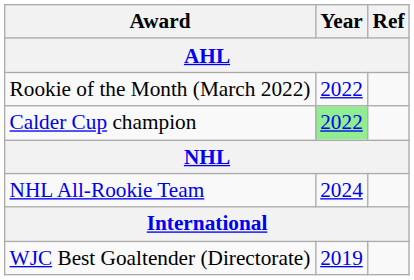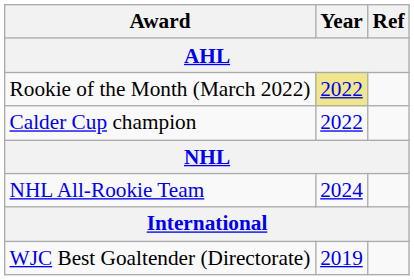 <table class="wikitable">
 <tr>
 <th>Award</th>
 <th>Year</th>
 <th>Ref</th>
 </tr>
 <tr>
 <th colspan="3"><a href='#'>AHL</a></th>
 </tr>
 <tr>
 <td>Rookie of the Month (March 2022)</td>
-<td><a href='#'>2022</a></td>
+<td style="background: khaki;"><a href='#'>2022</a></td>
 <td></td>
 </tr>
 <tr>
 <td><a href='#'>Calder Cup</a> champion</td>
-<td style="background: lightgreen;"><a href='#'>2022</a></td>
+<td><a href='#'>2022</a></td>
 <td></td>
 </tr>
 <tr>
 <th colspan="3"><a href='#'>NHL</a></th>
 </tr>
 <tr>
 <td><a href='#'>NHL All-Rookie Team</a></td>
 <td><a href='#'>2024</a></td>
 <td></td>
 </tr>
 <tr>
 <th colspan="3"><a href='#'>International</a></th>
 </tr>
 <tr>
 <td><a href='#'>WJC</a> Best Goaltender (Directorate)</td>
 <td><a href='#'>2019</a></td>
 <td></td>
 </tr>
 </table>
